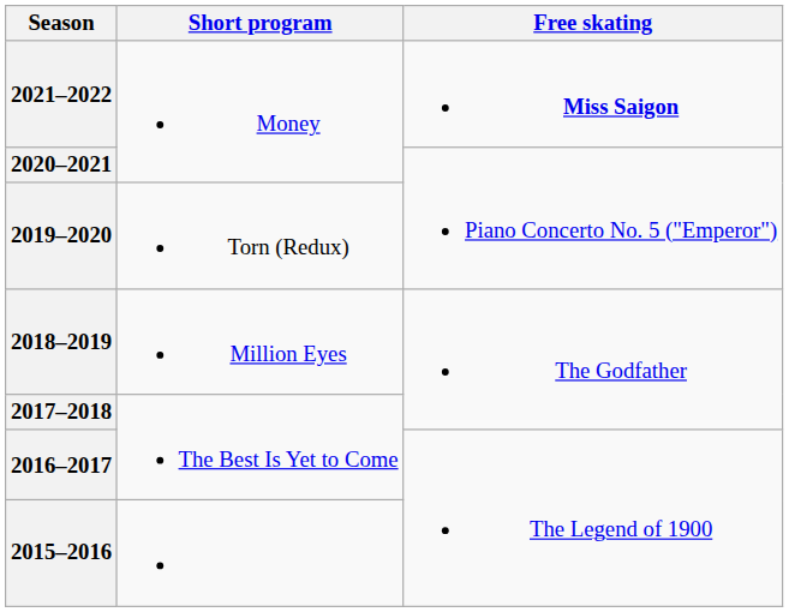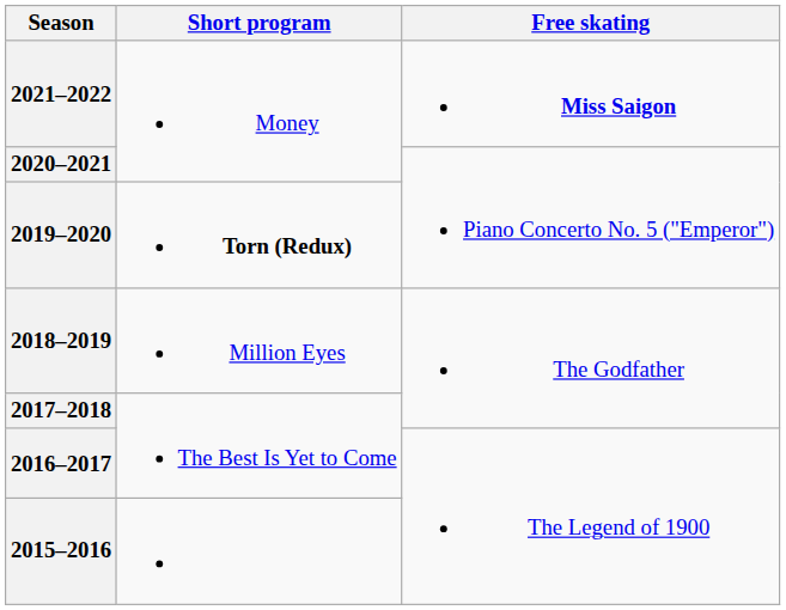 <table class=wikitable style=text-align:center>
 <tr>
 <th>Season</th>
 <th><a href='#'>Short program</a></th>
 <th><a href='#'>Free skating</a></th>
 </tr>
 <tr>
 <th>2021–2022 <br> </th>
 <td rowspan=2><br><ul><li><a href='#'>Money</a> <br></li></ul></td>
 <td><strong><br><ul><li><a href='#'>Miss Saigon</a> <br></li></ul></strong></td>
 </tr>
 <tr>
 <th>2020–2021 <br> </th>
 <td rowspan=2><br><ul><li><a href='#'>Piano Concerto No. 5 ("Emperor")</a> <br></li></ul></td>
 </tr>
 <tr>
 <th>2019–2020 <br> </th>
-<td><br><ul><li>Torn (Redux) <br></li></ul></td>
+<td><strong><br><ul><li>Torn (Redux) <br></li></ul></strong></td>
 </tr>
 <tr>
 <th>2018–2019 <br> </th>
 <td><br><ul><li><a href='#'>Million Eyes</a> <br></li></ul></td>
 <td rowspan=2><br><ul><li><a href='#'>The Godfather</a> <br></li></ul></td>
 </tr>
 <tr>
 <th>2017–2018 <br> </th>
 <td rowspan=2><br><ul><li><a href='#'>The Best Is Yet to Come</a> <br></li></ul></td>
 </tr>
 <tr>
 <th>2016–2017 <br> </th>
 <td rowspan=2><br><ul><li><a href='#'>The Legend of 1900</a> <br></li></ul></td>
 </tr>
 <tr>
 <th>2015–2016 <br> </th>
 <td><br><ul><li></li></ul></td>
 </tr>
 </table>
